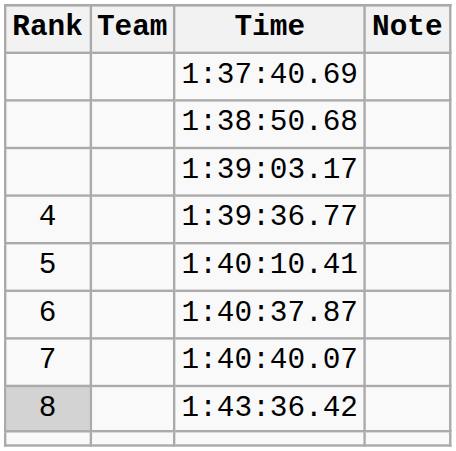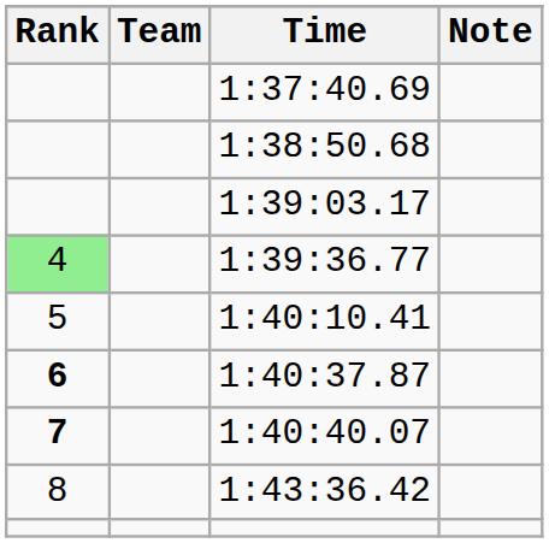 <table class="wikitable sortable" style=" text-align:center; font-size:95%;">
 <tr>
 </tr>
 <tr>
 <th>Rank</th>
 <th>Team</th>
 <th>Time</th>
 <th>Note</th>
 </tr>
 <tr>
 <td></td>
 <td align=left></td>
 <td>1:37:40.69</td>
 <td></td>
 </tr>
 <tr>
 <td></td>
 <td align=left></td>
 <td>1:38:50.68</td>
 <td></td>
 </tr>
 <tr>
 <td></td>
 <td align=left></td>
 <td>1:39:03.17</td>
 <td></td>
 </tr>
 <tr>
-<td>4</td>
+<td style="background: lightgreen;">4</td>
 <td align=left></td>
 <td>1:39:36.77</td>
 <td></td>
 </tr>
 <tr>
 <td>5</td>
 <td align=left></td>
 <td>1:40:10.41</td>
 <td></td>
 </tr>
 <tr>
-<td>6</td>
+<td><strong>6</strong></td>
 <td align=left></td>
 <td>1:40:37.87</td>
 <td></td>
 </tr>
 <tr>
-<td>7</td>
+<td><strong>7</strong></td>
 <td align=left></td>
 <td>1:40:40.07</td>
 <td></td>
 </tr>
 <tr>
-<td style="background: lightgrey;">8</td>
+<td>8</td>
 <td align=left></td>
 <td>1:43:36.42</td>
 <td></td>
 </tr>
 <tr>
 <td></td>
 <td align=left></td>
 <td></td>
 <td></td>
 </tr>
 </table>
